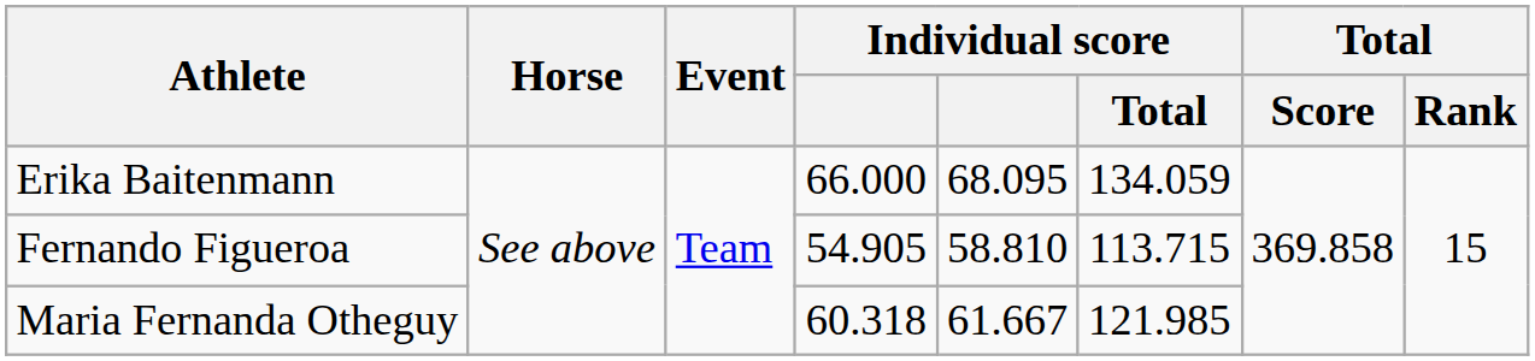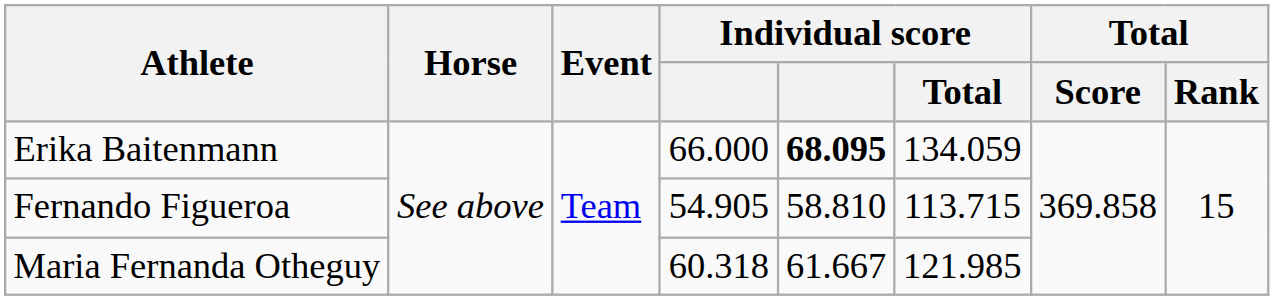 <table class=wikitable>
 <tr>
 <th rowspan="2">Athlete</th>
 <th rowspan="2">Horse</th>
 <th rowspan="2">Event</th>
 <th colspan="3">Individual score</th>
 <th colspan="2">Total</th>
 </tr>
 <tr>
 <th></th>
 <th></th>
 <th>Total</th>
 <th>Score</th>
 <th>Rank</th>
 </tr>
 <tr>
 <td>Erika Baitenmann</td>
 <td rowspan=3><em>See above</em></td>
 <td rowspan=3><a href='#'>Team</a></td>
 <td align="center">66.000</td>
-<td align="center">68.095</td>
+<td align="center"><strong>68.095</strong></td>
 <td align="center">134.059</td>
 <td align="center" rowspan="3">369.858</td>
 <td align="center" rowspan="3">15</td>
 </tr>
 <tr>
 <td>Fernando Figueroa</td>
 <td align="center">54.905</td>
 <td align="center">58.810</td>
 <td align="center">113.715</td>
 </tr>
 <tr>
 <td>Maria Fernanda Otheguy</td>
 <td align="center">60.318</td>
 <td align="center">61.667</td>
 <td align="center">121.985</td>
 </tr>
 </table>
